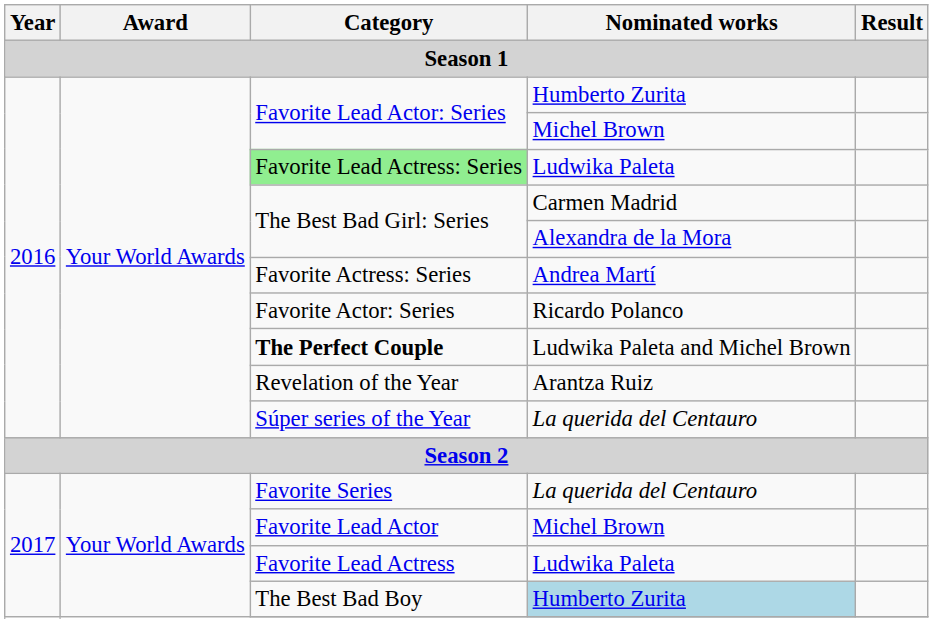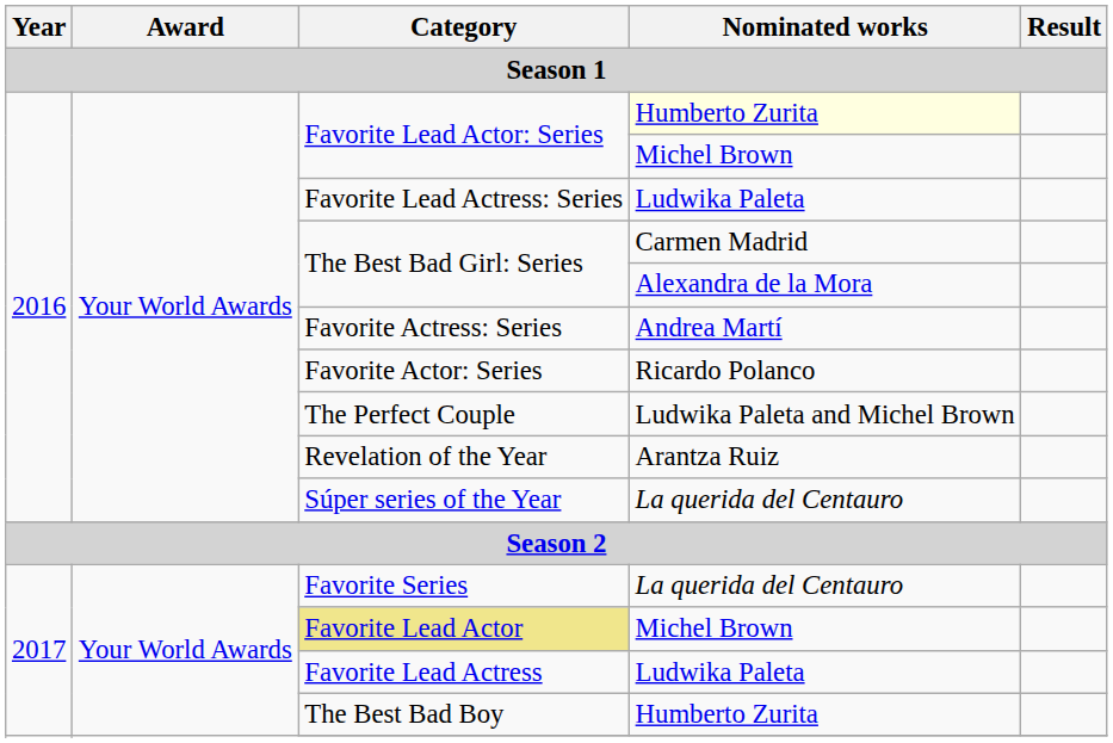 <table class="wikitable plainrowheaders">
 <tr>
 <th scope="col">Year</th>
 <th scope="col">Award</th>
 <th scope="col">Category</th>
 <th scope="col">Nominated works</th>
 <th scope="col">Result</th>
 </tr>
 <tr>
 <th colspan=5 style="background:lightgrey;">Season 1</th>
 </tr>
 <tr>
 <td rowspan="10"><a href='#'>2016</a></td>
 <td rowspan="10"><a href='#'>Your World Awards</a></td>
 <td rowspan="2"><a href='#'>Favorite Lead Actor: Series</a></td>
-<td><a href='#'>Humberto Zurita</a></td>
+<td style="background: lightyellow;"><a href='#'>Humberto Zurita</a></td>
 <td></td>
 </tr>
 <tr>
 <td><a href='#'>Michel Brown</a></td>
 <td> </td>
 </tr>
 <tr>
-<td style="background: lightgreen;">Favorite Lead Actress: Series</td>
+<td>Favorite Lead Actress: Series</td>
 <td><a href='#'>Ludwika Paleta</a></td>
 <td> </td>
 </tr>
 <tr>
 <td rowspan="2">The Best Bad Girl: Series</td>
 <td>Carmen Madrid</td>
 <td> </td>
 </tr>
 <tr>
 <td><a href='#'>Alexandra de la Mora</a></td>
 <td></td>
 </tr>
 <tr>
 <td>Favorite Actress: Series</td>
 <td><a href='#'>Andrea Martí</a></td>
 <td></td>
 </tr>
 <tr>
 <td>Favorite Actor: Series</td>
 <td>Ricardo Polanco</td>
 <td> </td>
 </tr>
 <tr>
-<td><strong>The Perfect Couple</strong></td>
+<td>The Perfect Couple</td>
 <td>Ludwika Paleta and Michel Brown</td>
 <td> </td>
 </tr>
 <tr>
 <td>Revelation of the Year</td>
 <td>Arantza Ruiz</td>
 <td> </td>
 </tr>
 <tr>
 <td><a href='#'>Súper series of the Year</a></td>
 <td><em>La querida del Centauro</em></td>
 <td></td>
 </tr>
 <tr>
 <th colspan=5 style="background:lightgrey;"><a href='#'>Season 2</a></th>
 </tr>
 <tr>
 <td rowspan="8"><a href='#'>2017</a></td>
 <td rowspan="8"><a href='#'>Your World Awards</a></td>
 <td><a href='#'>Favorite Series</a></td>
 <td><em>La querida del Centauro</em></td>
 <td></td>
 </tr>
 <tr>
-<td><a href='#'>Favorite Lead Actor</a></td>
+<td style="background: khaki;"><a href='#'>Favorite Lead Actor</a></td>
 <td><a href='#'>Michel Brown</a></td>
 <td></td>
 </tr>
 <tr>
 <td><a href='#'>Favorite Lead Actress</a></td>
 <td><a href='#'>Ludwika Paleta</a></td>
 <td></td>
 </tr>
 <tr>
 <td>The Best Bad Boy</td>
-<td style="background: lightblue;"><a href='#'>Humberto Zurita</a></td>
+<td><a href='#'>Humberto Zurita</a></td>
 <td></td>
 </tr>
 <tr>
 </tr>
 </table>
